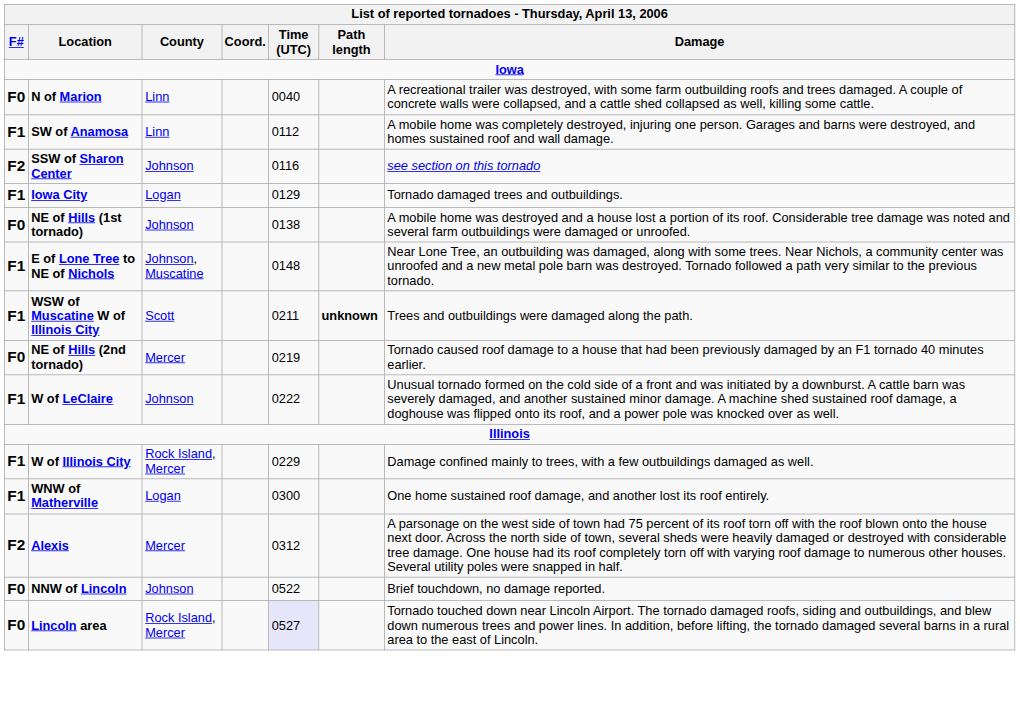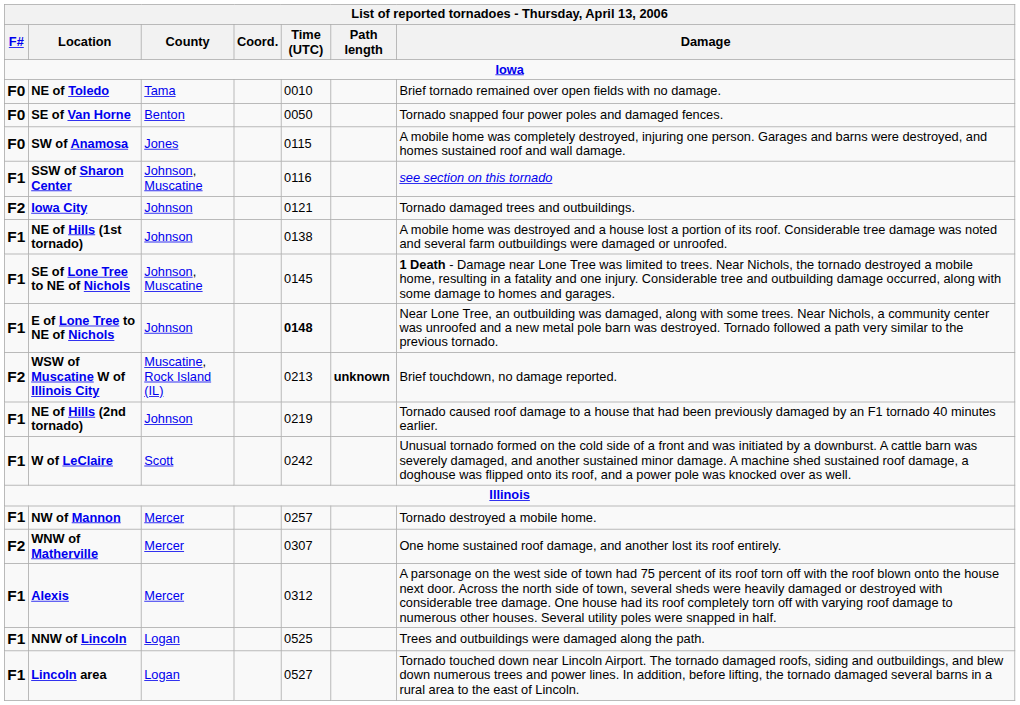 <table class="wikitable collapsible" width="100%">
 <tr>
 <th colspan="7">List of reported tornadoes - Thursday, April 13, 2006</th>
 </tr>
 <tr>
 <th><a href='#'>F#</a></th>
 <th>Location</th>
 <th>County</th>
 <th>Coord.</th>
 <th>Time (UTC)</th>
 <th>Path length</th>
 <th>Damage</th>
 </tr>
 <tr>
 <td colspan="7" align=center><strong><a href='#'>Iowa</a></strong></td>
 </tr>
 <tr>
 <td><big><strong>F0</strong></big></td>
-<td><strong>N of <a href='#'>Marion</a></strong></td>
-<td><a href='#'>Linn</a></td>
+<td><strong>NE of <a href='#'>Toledo</a></strong></td>
+<td><a href='#'>Tama</a></td>
 <td></td>
-<td>0040</td>
+<td>0010</td>
 <td></td>
-<td>A recreational trailer was destroyed, with some farm outbuilding roofs and trees damaged. A couple of concrete walls were collapsed, and a cattle shed collapsed as well, killing some cattle.</td>
+<td>Brief tornado remained over open fields with no damage.</td>
 </tr>
 <tr>
-<td><big><strong>F1</strong></big></td>
+<td><big><strong>F0</strong></big></td>
+<td><strong>SE of <a href='#'>Van Horne</a></strong></td>
+<td><a href='#'>Benton</a></td>
+<td></td>
+<td>0050</td>
+<td></td>
+<td>Tornado snapped four power poles and damaged fences.</td>
+</tr>
+<tr>
+<td><big><strong>F0</strong></big></td>
 <td><strong>SW of <a href='#'>Anamosa</a></strong></td>
-<td><a href='#'>Linn</a></td>
+<td><a href='#'>Jones</a></td>
 <td></td>
-<td>0112</td>
+<td>0115</td>
 <td></td>
 <td>A mobile home was completely destroyed, injuring one person. Garages and barns were destroyed, and homes sustained roof and wall damage.</td>
 </tr>
 <tr>
-<td><big><strong>F2</strong></big></td>
+<td><big><strong>F1</strong></big></td>
 <td><strong>SSW of <a href='#'>Sharon Center</a></strong></td>
-<td><a href='#'>Johnson</a></td>
+<td><a href='#'>Johnson</a>, <a href='#'>Muscatine</a></td>
 <td></td>
 <td>0116</td>
 <td></td>
 <td><em><a href='#'>see section on this tornado</a></em></td>
 </tr>
 <tr>
-<td><big><strong>F1</strong></big></td>
+<td><big><strong>F2</strong></big></td>
 <td><strong><a href='#'>Iowa City</a></strong></td>
-<td><a href='#'>Logan</a></td>
+<td><a href='#'>Johnson</a></td>
 <td></td>
-<td>0129</td>
+<td>0121</td>
 <td></td>
 <td>Tornado damaged trees and outbuildings.</td>
 </tr>
 <tr>
-<td><big><strong>F0</strong></big></td>
+<td><big><strong>F1</strong></big></td>
 <td><strong>NE of <a href='#'>Hills</a> (1st tornado)</strong></td>
 <td><a href='#'>Johnson</a></td>
 <td></td>
 <td>0138</td>
 <td></td>
 <td>A mobile home was destroyed and a house lost a portion of its roof. Considerable tree damage was noted and several farm outbuildings were damaged or unroofed.</td>
 </tr>
 <tr>
 <td><big><strong>F1</strong></big></td>
-<td><strong>E of <a href='#'>Lone Tree</a> to NE of <a href='#'>Nichols</a></strong></td>
+<td><strong>SE of <a href='#'>Lone Tree</a> to NE of <a href='#'>Nichols</a></strong></td>
 <td><a href='#'>Johnson</a>, <a href='#'>Muscatine</a></td>
 <td></td>
-<td>0148</td>
+<td>0145</td>
+<td></td>
+<td><strong>1 Death</strong> - Damage near Lone Tree was limited to trees. Near Nichols, the tornado destroyed a mobile home, resulting in a fatality and one injury. Considerable tree and outbuilding damage occurred, along with some damage to homes and garages.</td>
+</tr>
+<tr>
+<td><big><strong>F1</strong></big></td>
+<td><strong>E of <a href='#'>Lone Tree</a> to NE of <a href='#'>Nichols</a></strong></td>
+<td><a href='#'>Johnson</a></td>
+<td></td>
+<td><strong>0148</strong></td>
 <td></td>
 <td>Near Lone Tree, an outbuilding was damaged, along with some trees. Near Nichols, a community center was unroofed and a new metal pole barn was destroyed. Tornado followed a path very similar to the previous tornado.</td>
 </tr>
 <tr>
-<td><big><strong>F1</strong></big></td>
+<td><big><strong>F2</strong></big></td>
 <td><strong>WSW of <a href='#'>Muscatine</a> W of <a href='#'>Illinois City</a></strong></td>
-<td><a href='#'>Scott</a></td>
+<td><a href='#'>Muscatine</a>, <a href='#'>Rock Island (IL)</a></td>
 <td></td>
-<td>0211</td>
+<td>0213</td>
 <td><strong>unknown</strong></td>
-<td>Trees and outbuildings were damaged along the path.</td>
+<td>Brief touchdown, no damage reported.</td>
 </tr>
 <tr>
-<td><big><strong>F0</strong></big></td>
+<td><big><strong>F1</strong></big></td>
 <td><strong>NE of <a href='#'>Hills</a> (2nd tornado)</strong></td>
-<td><a href='#'>Mercer</a></td>
+<td><a href='#'>Johnson</a></td>
 <td></td>
 <td>0219</td>
 <td></td>
 <td>Tornado caused roof damage to a house that had been previously damaged by an F1 tornado 40 minutes earlier.</td>
 </tr>
 <tr>
 <td><big><strong>F1</strong></big></td>
 <td><strong>W of <a href='#'>LeClaire</a></strong></td>
-<td><a href='#'>Johnson</a></td>
+<td><a href='#'>Scott</a></td>
 <td></td>
-<td>0222</td>
+<td>0242</td>
 <td></td>
 <td>Unusual tornado formed on the cold side of a front and was initiated by a downburst. A cattle barn was severely damaged, and another sustained minor damage. A machine shed sustained roof damage, a doghouse was flipped onto its roof, and a power pole was knocked over as well.</td>
 </tr>
 <tr>
 <td colspan="7" align=center><strong><a href='#'>Illinois</a></strong></td>
 </tr>
 <tr>
 <td><big><strong>F1</strong></big></td>
-<td><strong>W of <a href='#'>Illinois City</a></strong></td>
-<td><a href='#'>Rock Island</a>, <a href='#'>Mercer</a></td>
+<td><strong>NW of <a href='#'>Mannon</a></strong></td>
+<td><a href='#'>Mercer</a></td>
 <td></td>
-<td>0229</td>
+<td>0257</td>
 <td></td>
-<td>Damage confined mainly to trees, with a few outbuildings damaged as well.</td>
+<td>Tornado destroyed a mobile home.</td>
 </tr>
 <tr>
-<td><big><strong>F1</strong></big></td>
+<td><big><strong>F2</strong></big></td>
 <td><strong>WNW of <a href='#'>Matherville</a></strong></td>
-<td><a href='#'>Logan</a></td>
+<td><a href='#'>Mercer</a></td>
 <td></td>
-<td>0300</td>
+<td>0307</td>
 <td></td>
 <td>One home sustained roof damage, and another lost its roof entirely.</td>
 </tr>
 <tr>
-<td><big><strong>F2</strong></big></td>
+<td><big><strong>F1</strong></big></td>
 <td><strong><a href='#'>Alexis</a></strong></td>
 <td><a href='#'>Mercer</a></td>
 <td></td>
 <td>0312</td>
 <td></td>
 <td>A parsonage on the west side of town had 75 percent of its roof torn off with the roof blown onto the house next door. Across the north side of town, several sheds were heavily damaged or destroyed with considerable tree damage. One house had its roof completely torn off with varying roof damage to numerous other houses. Several utility poles were snapped in half.</td>
 </tr>
 <tr>
-<td><big><strong>F0</strong></big></td>
+<td><big><strong>F1</strong></big></td>
 <td><strong>NNW of <a href='#'>Lincoln</a></strong></td>
-<td><a href='#'>Johnson</a></td>
+<td><a href='#'>Logan</a></td>
 <td></td>
-<td>0522</td>
+<td>0525</td>
 <td></td>
-<td>Brief touchdown, no damage reported.</td>
+<td>Trees and outbuildings were damaged along the path.</td>
 </tr>
 <tr>
-<td><big><strong>F0</strong></big></td>
+<td><big><strong>F1</strong></big></td>
 <td><strong><a href='#'>Lincoln</a> area</strong></td>
-<td><a href='#'>Rock Island</a>, <a href='#'>Mercer</a></td>
+<td><a href='#'>Logan</a></td>
 <td></td>
-<td style="background: lavender;">0527</td>
+<td>0527</td>
 <td></td>
 <td>Tornado touched down near Lincoln Airport. The tornado damaged roofs, siding and outbuildings, and blew down numerous trees and power lines. In addition, before lifting, the tornado damaged several barns in a rural area to the east of Lincoln.</td>
 </tr>
 </table>
